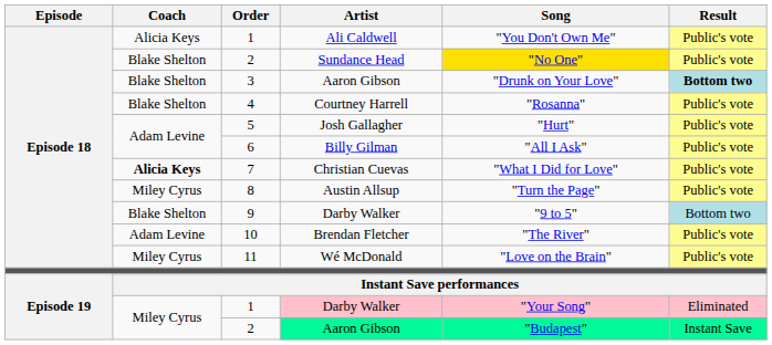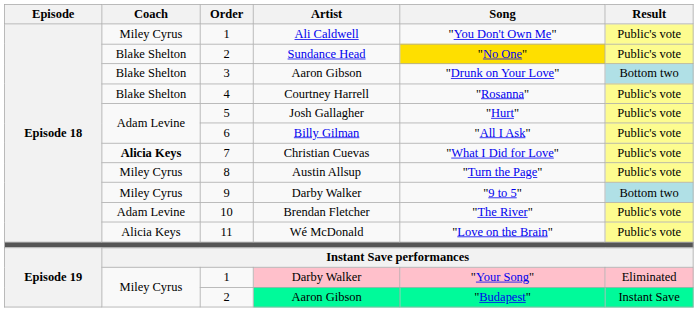 <table class="wikitable" style="text-align:center; width:100%;">
 <tr>
 <th style="width:10%;">Episode</th>
 <th style="width:10%;">Coach</th>
 <th style="width:05%;">Order</th>
 <th style="width:15%;">Artist</th>
 <th style="width:21%;">Song</th>
 <th style="width:9%;">Result</th>
 </tr>
 <tr>
 <th rowspan="11" scope="row">Episode 18<br><small></small></th>
-<td>Alicia Keys</td>
+<td>Miley Cyrus</td>
 <td>1</td>
 <td><a href='#'>Ali Caldwell</a></td>
 <td>"<a href='#'>You Don't Own Me</a>"</td>
 <td style="background:#fdfc8f;">Public's vote</td>
 </tr>
 <tr>
 <td>Blake Shelton</td>
 <td>2</td>
 <td><a href='#'>Sundance Head</a></td>
 <td style="background:#fedf00;">"<a href='#'>No One</a>"</td>
 <td style="background:#fdfc8f;">Public's vote</td>
 </tr>
 <tr>
 <td>Blake Shelton</td>
 <td>3</td>
 <td>Aaron Gibson</td>
 <td>"<a href='#'>Drunk on Your Love</a>"</td>
-<td style="background:#B0E0E6;"><strong>Bottom two</strong></td>
+<td style="background:#B0E0E6;">Bottom two</td>
 </tr>
 <tr>
 <td>Blake Shelton</td>
 <td>4</td>
 <td>Courtney Harrell</td>
 <td>"<a href='#'>Rosanna</a>"</td>
 <td style="background:#fdfc8f;">Public's vote</td>
 </tr>
 <tr>
 <td rowspan=2>Adam Levine</td>
 <td>5</td>
 <td>Josh Gallagher</td>
 <td>"<a href='#'>Hurt</a>"</td>
 <td style="background:#fdfc8f;">Public's vote</td>
 </tr>
 <tr>
 <td>6</td>
 <td><a href='#'>Billy Gilman</a></td>
 <td>"<a href='#'>All I Ask</a>"</td>
 <td style="background:#fdfc8f;">Public's vote</td>
 </tr>
 <tr>
 <td><strong>Alicia Keys</strong></td>
 <td>7</td>
 <td>Christian Cuevas</td>
 <td>"<a href='#'>What I Did for Love</a>"</td>
 <td style="background:#fdfc8f;">Public's vote</td>
 </tr>
 <tr>
 <td>Miley Cyrus</td>
 <td>8</td>
 <td>Austin Allsup</td>
 <td>"<a href='#'>Turn the Page</a>"</td>
 <td style="background:#fdfc8f;">Public's vote</td>
 </tr>
 <tr>
-<td>Blake Shelton</td>
+<td>Miley Cyrus</td>
 <td>9</td>
 <td>Darby Walker</td>
 <td>"<a href='#'>9 to 5</a>"</td>
 <td style="background:#B0E0E6;">Bottom two</td>
 </tr>
 <tr>
 <td>Adam Levine</td>
 <td>10</td>
 <td>Brendan Fletcher</td>
 <td>"<a href='#'>The River</a>"</td>
 <td style="background:#fdfc8f;">Public's vote</td>
 </tr>
 <tr>
-<td>Miley Cyrus</td>
+<td>Alicia Keys</td>
 <td>11</td>
 <td>Wé McDonald</td>
 <td>"<a href='#'>Love on the Brain</a>"</td>
 <td style="background:#fdfc8f;">Public's vote</td>
 </tr>
 <tr>
 <td colspan="6" style="background:#555;"></td>
 </tr>
 <tr>
 <th rowspan="4" scope="row">Episode 19<br><small></small></th>
 </tr>
 <tr>
 <th colspan="5">Instant Save performances</th>
 </tr>
 <tr>
 <td rowspan=2>Miley Cyrus</td>
 <td>1</td>
 <td style="background:Pink;">Darby Walker</td>
 <td style="background:Pink;">"<a href='#'>Your Song</a>"</td>
 <td style="background:Pink;">Eliminated</td>
 </tr>
 <tr>
 <td>2</td>
 <td style="background:#00FA9A;">Aaron Gibson</td>
 <td style="background:#00FA9A;">"<a href='#'>Budapest</a>"</td>
 <td style="background:#00FA9A;">Instant Save</td>
 </tr>
 </table>
